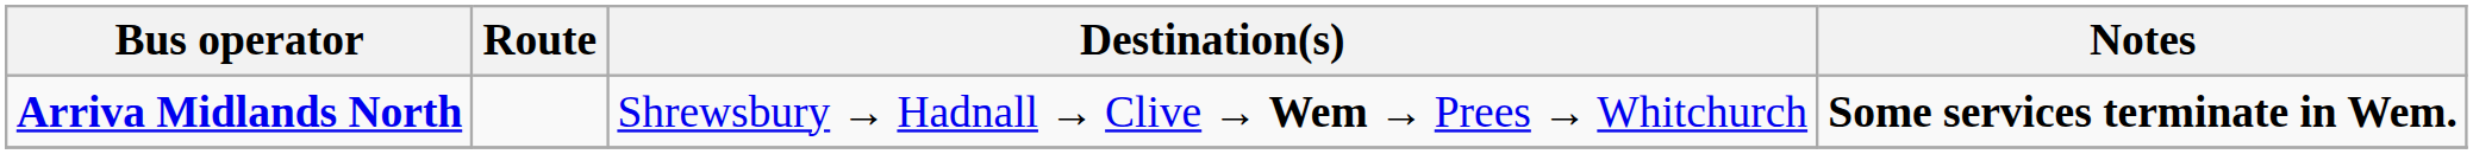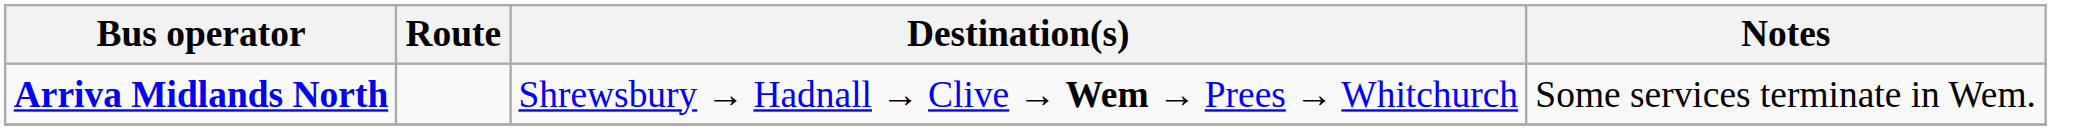 <table class="wikitable">
 <tr>
 <th>Bus operator</th>
 <th>Route</th>
 <th>Destination(s)</th>
 <th>Notes</th>
 </tr>
 <tr>
 <td><strong><a href='#'>Arriva Midlands North</a></strong></td>
 <td><strong></strong></td>
 <td><a href='#'>Shrewsbury</a> → <a href='#'>Hadnall</a> → <a href='#'>Clive</a> → <strong>Wem</strong> → <a href='#'>Prees</a> → <a href='#'>Whitchurch</a></td>
-<td><strong>Some services terminate in Wem.</strong></td>
+<td>Some services terminate in Wem.</td>
 </tr>
 <tr>
 </tr>
 </table>
